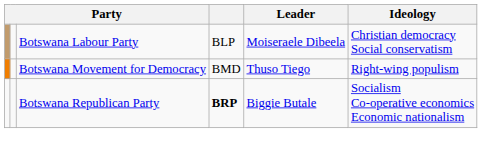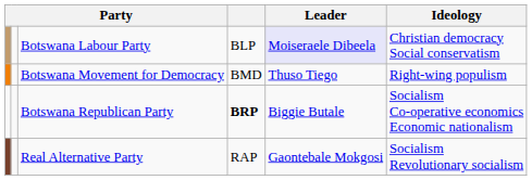 <table class="wikitable">
 <tr>
 <th colspan="3">Party</th>
 <th></th>
 <th>Leader</th>
 <th>Ideology</th>
 </tr>
 <tr>
 <td style="background:#C19B6C;"></td>
 <td></td>
 <td><a href='#'>Botswana Labour Party</a></td>
 <td>BLP</td>
-<td><a href='#'>Moiseraele Dibeela</a></td>
+<td style="background: lavender;"><a href='#'>Moiseraele Dibeela</a></td>
 <td><a href='#'>Christian democracy</a><br><a href='#'>Social conservatism</a></td>
 </tr>
 <tr>
 <td bgcolor=#F07E01></td>
 <td></td>
 <td><a href='#'>Botswana Movement for Democracy</a></td>
 <td>BMD</td>
 <td><a href='#'>Thuso Tiego</a></td>
 <td><a href='#'>Right-wing populism</a></td>
 </tr>
 <tr>
 <td></td>
 <td></td>
 <td><a href='#'>Botswana Republican Party</a></td>
 <td><strong>BRP</strong></td>
 <td><a href='#'>Biggie Butale</a></td>
 <td><a href='#'>Socialism</a><br><a href='#'>Co-operative economics</a><br><a href='#'>Economic nationalism</a></td>
 </tr>
+<tr>
+<td style="background:#76402b;"></td>
+<td></td>
+<td><a href='#'>Real Alternative Party</a></td>
+<td>RAP</td>
+<td><a href='#'>Gaontebale Mokgosi</a></td>
+<td><a href='#'>Socialism</a><br><a href='#'>Revolutionary socialism</a></td>
+</tr>
 </table>
